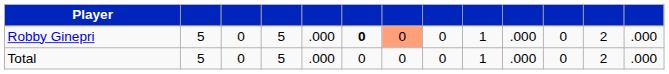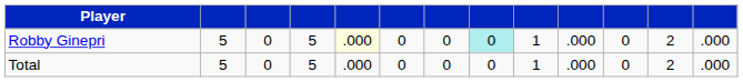 <table class="wikitable" style="text-align:center">
 <tr>
 <th style="background:#0025BD; color:white" width="200px">Player</th>
 <th style="background:#0025BD; color:white" width="40px"></th>
 <th style="background:#0025BD; color:white" width="40px"></th>
 <th style="background:#0025BD; color:white" width="40px"></th>
 <th style="background:#0025BD; color:white" width="40px"></th>
 <th style="background:#0025BD; color:white" width="40px"></th>
 <th style="background:#0025BD; color:white" width="40px"></th>
 <th style="background:#0025BD; color:white" width="40px"></th>
 <th style="background:#0025BD; color:white" width="40px"></th>
 <th style="background:#0025BD; color:white" width="40px"></th>
 <th style="background:#0025BD; color:white" width="40px"></th>
 <th style="background:#0025BD; color:white" width="40px"></th>
 <th style="background:#0025BD; color:white" width="40px"></th>
 </tr>
 <tr>
 <td style="text-align:left"><a href='#'>Robby Ginepri</a></td>
 <td>5</td>
 <td>0</td>
 <td>5</td>
-<td>.000</td>
-<td><strong>0</strong></td>
-<td style="background: lightsalmon;">0</td>
+<td style="background: lightyellow;">.000</td>
 <td>0</td>
+<td>0</td>
+<td style="background: paleturquoise;">0</td>
 <td>1</td>
 <td>.000</td>
 <td>0</td>
 <td>2</td>
 <td>.000</td>
 </tr>
 <tr>
 <td style="text-align:left">Total</td>
 <td>5</td>
 <td>0</td>
 <td>5</td>
 <td>.000</td>
 <td>0</td>
 <td>0</td>
 <td>0</td>
 <td>1</td>
 <td>.000</td>
 <td>0</td>
 <td>2</td>
 <td>.000</td>
 </tr>
 </table>
